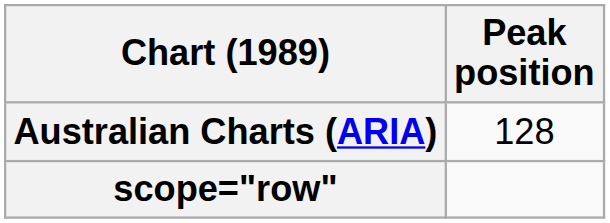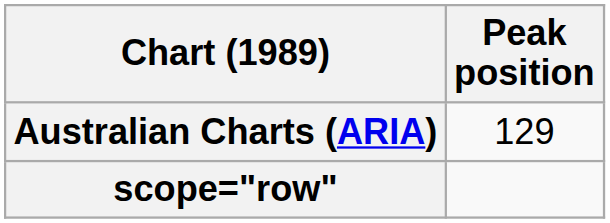 <table class="wikitable sortable plainrowheaders">
 <tr>
 <th>Chart (1989)</th>
 <th>Peak<br>position</th>
 </tr>
 <tr>
 <th scope="row">Australian Charts (<a href='#'>ARIA</a>)</th>
-<td style="text-align:center;">128</td>
+<td style="text-align:center;">129</td>
 </tr>
 <tr>
 <th>scope="row" </th>
 </tr>
 </table>
